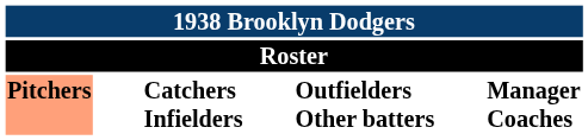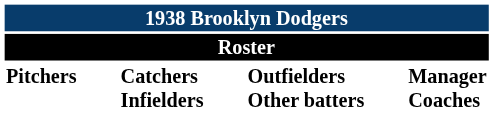 <table class="toccolours" style="font-size: 95%;">
 <tr>
 <th colspan="10" style="background-color: #083c6b; color: white; text-align: center;">1938 Brooklyn Dodgers</th>
 </tr>
 <tr>
 <td colspan="10" style="background-color: black; color: white; text-align: center;"><strong>Roster</strong></td>
 </tr>
 <tr>
-<td valign="top" style="background: lightsalmon;"><strong>Pitchers</strong><br>               </td>
+<td valign="top"><strong>Pitchers</strong><br>               </td>
 <td width="25px"></td>
 <td valign="top"><strong>Catchers</strong><br>        <strong>Infielders</strong>        </td>
 <td width="25px"></td>
 <td valign="top"><strong>Outfielders</strong><br>          <strong>Other batters</strong> </td>
 <td width="25px"></td>
 <td valign="top"><strong>Manager</strong><br> <strong>Coaches</strong>    </td>
 </tr>
 </table>
